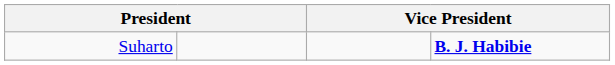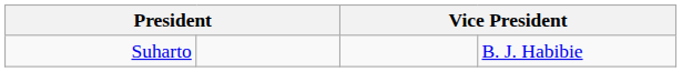 <table class="wikitable">
 <tr>
 <th colspan="2" width=270>President</th>
 <th colspan="2" width=270>Vice President</th>
 </tr>
 <tr>
 <td align="right"><a href='#'>Suharto</a></td>
 <td align="center" width=112></td>
 <td align="center" width=106></td>
-<td align="left"><strong><a href='#'>B. J. Habibie</a></strong></td>
+<td align="left"><a href='#'>B. J. Habibie</a></td>
 </tr>
 </table>
